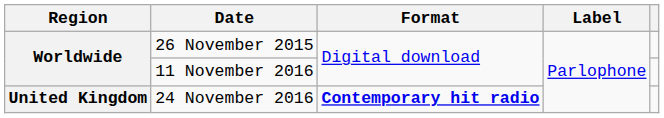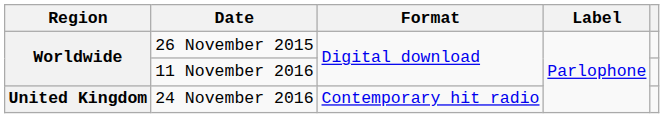 <table class="wikitable plainrowheaders">
 <tr>
 <th scope="col">Region</th>
 <th scope="col">Date</th>
 <th scope="col">Format</th>
 <th scope="col">Label</th>
 <th scope="col"></th>
 </tr>
 <tr>
 <th scope="row" rowspan="2">Worldwide</th>
 <td>26 November 2015</td>
 <td rowspan="2"><a href='#'>Digital download</a></td>
 <td rowspan="3"><a href='#'>Parlophone</a></td>
 <td></td>
 </tr>
 <tr>
 <td>11 November 2016</td>
 <td></td>
 </tr>
 <tr>
 <th scope="row">United Kingdom</th>
 <td>24 November 2016</td>
-<td rowspan="1"><strong><a href='#'>Contemporary hit radio</a></strong></td>
+<td rowspan="1"><a href='#'>Contemporary hit radio</a></td>
 <td></td>
 </tr>
 </table>
